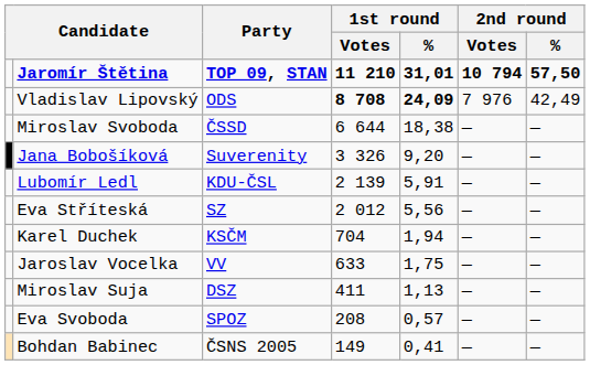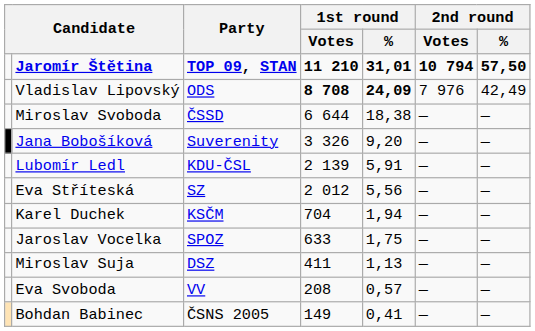 <table class="wikitable sortable">
 <tr>
 <th colspan="2" rowspan="2">Candidate</th>
 <th rowspan="2">Party</th>
 <th colspan="2">1st round</th>
 <th colspan="2">2nd round</th>
 </tr>
 <tr>
 <th>Votes</th>
 <th>%</th>
 <th>Votes</th>
 <th>%</th>
 </tr>
 <tr>
 <td style="background-color:"></td>
 <td><strong><a href='#'>Jaromír Štětina</a></strong></td>
 <td><strong><a href='#'>TOP 09</a>, <a href='#'>STAN</a></strong></td>
 <td><strong>11 210</strong></td>
 <td><strong>31,01</strong></td>
 <td><strong>10 794</strong></td>
 <td><strong>57,50</strong></td>
 </tr>
 <tr>
 <td style="background-color:"></td>
 <td>Vladislav Lipovský</td>
 <td><a href='#'>ODS</a></td>
 <td><strong>8 708</strong></td>
 <td><strong>24,09</strong></td>
 <td>7 976</td>
 <td>42,49</td>
 </tr>
 <tr>
 <td style="background-color:"></td>
 <td>Miroslav Svoboda</td>
 <td><a href='#'>ČSSD</a></td>
 <td>6 644</td>
 <td>18,38</td>
 <td>—</td>
 <td>—</td>
 </tr>
 <tr>
 <td style="background-color:black;"></td>
 <td><a href='#'>Jana Bobošíková</a></td>
 <td><a href='#'>Suverenity</a></td>
 <td>3 326</td>
 <td>9,20</td>
 <td>—</td>
 <td>—</td>
 </tr>
 <tr>
 <td style="background-color:"></td>
 <td><a href='#'>Lubomír Ledl</a></td>
 <td><a href='#'>KDU-ČSL</a></td>
 <td>2 139</td>
 <td>5,91</td>
 <td>—</td>
 <td>—</td>
 </tr>
 <tr>
 <td style="background-color:"></td>
 <td>Eva Stříteská</td>
 <td><a href='#'>SZ</a></td>
 <td>2 012</td>
 <td>5,56</td>
 <td>—</td>
 <td>—</td>
 </tr>
 <tr>
 <td style="background-color:"></td>
 <td>Karel Duchek</td>
 <td><a href='#'>KSČM</a></td>
 <td>704</td>
 <td>1,94</td>
 <td>—</td>
 <td>—</td>
 </tr>
 <tr>
 <td style="background-color:"></td>
 <td>Jaroslav Vocelka</td>
-<td><a href='#'>VV</a></td>
+<td><a href='#'>SPOZ</a></td>
 <td>633</td>
 <td>1,75</td>
 <td>—</td>
 <td>—</td>
 </tr>
 <tr>
 <td style="background-color:"></td>
 <td>Miroslav Suja</td>
 <td><a href='#'>DSZ</a></td>
 <td>411</td>
 <td>1,13</td>
 <td>—</td>
 <td>—</td>
 </tr>
 <tr>
 <td style="background-color:"></td>
 <td>Eva Svoboda</td>
-<td><a href='#'>SPOZ</a></td>
+<td><a href='#'>VV</a></td>
 <td>208</td>
 <td>0,57</td>
 <td>—</td>
 <td>—</td>
 </tr>
 <tr>
 <td style="background-color:Moccasin"></td>
 <td>Bohdan Babinec</td>
 <td>ČSNS 2005</td>
 <td>149</td>
 <td>0,41</td>
 <td>—</td>
 <td>—</td>
 </tr>
 </table>
